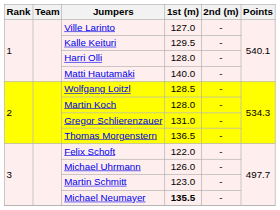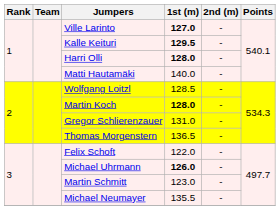 <table class="wikitable">
 <tr>
 <th align=left>Rank</th>
 <th>Team</th>
 <th>Jumpers</th>
 <th align=Center>1st (m)</th>
 <th>2nd (m)</th>
 <th>Points</th>
 </tr>
 <tr style="background:#ffeeee;">
 <td align=left rowspan="4">1</td>
 <td align=left rowspan="4"></td>
 <td align=left><a href='#'>Ville Larinto</a></td>
-<td align=center>127.0</td>
+<td align=center><strong>127.0</strong></td>
 <td align=center>-</td>
 <td align=center rowspan="4">540.1</td>
 </tr>
 <tr style="background:#ffeeee;">
 <td align=left><a href='#'>Kalle Keituri</a></td>
-<td align=center>129.5</td>
+<td align=center><strong>129.5</strong></td>
 <td align=center>-</td>
 </tr>
 <tr style="background:#ffeeee;">
 <td align=left><a href='#'>Harri Olli</a></td>
-<td align=center>128.0</td>
+<td align=center><strong>128.0</strong></td>
 <td align=center>-</td>
 </tr>
 <tr style="background:#ffeeee;">
 <td align=left><a href='#'>Matti Hautamäki</a></td>
 <td align=center>140.0</td>
 <td align=center>-</td>
 </tr>
 <tr style="background:#FFFF00;">
 <td align=left rowspan="4">2</td>
 <td align=left rowspan="4"></td>
 <td align=left><a href='#'>Wolfgang Loitzl</a></td>
 <td align=center>128.5</td>
 <td align=center>-</td>
 <td align=center rowspan="4">534.3</td>
 </tr>
 <tr style="background:#FFFF00;">
 <td align=left><a href='#'>Martin Koch</a></td>
-<td align=center>128.0</td>
+<td align=center><strong>128.0</strong></td>
 <td align=center>-</td>
 </tr>
 <tr style="background:#FFFF00;">
 <td align=left><a href='#'>Gregor Schlierenzauer</a></td>
 <td align=center>131.0</td>
 <td align=center>-</td>
 </tr>
 <tr style="background:#FFFF00;">
 <td align=left><a href='#'>Thomas Morgenstern</a></td>
 <td align=center>136.5</td>
 <td align=center>-</td>
 </tr>
 <tr style="background:#ffeeee;">
 <td align=left rowspan="4">3</td>
 <td align=left rowspan="4"></td>
 <td align=left><a href='#'>Felix Schoft</a></td>
 <td align=center>122.0</td>
 <td align=center>-</td>
 <td align=center rowspan="4">497.7</td>
 </tr>
 <tr style="background:#ffeeee;">
 <td align=left><a href='#'>Michael Uhrmann</a></td>
-<td align=center>126.0</td>
+<td align=center><strong>126.0</strong></td>
 <td align=center>-</td>
 </tr>
 <tr style="background:#ffeeee;">
 <td align=left><a href='#'>Martin Schmitt</a></td>
 <td align=center>123.0</td>
 <td align=center>-</td>
 </tr>
 <tr style="background:#ffeeee;">
 <td align=left><a href='#'>Michael Neumayer</a></td>
-<td align=center><strong>135.5</strong></td>
+<td align=center>135.5</td>
 <td align=center>-</td>
 </tr>
 <tr style="background:#ffeeee;">
 </tr>
 </table>
